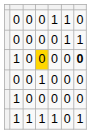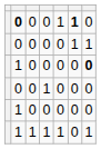 <table class="wikitable" style="text-align:center; width=200px; height=200px;">
 <tr>
 <th></th>
 <th></th>
 <th></th>
 <th></th>
 <th></th>
 <th></th>
 <th></th>
 </tr>
 <tr>
 <th></th>
-<td>0</td>
+<td><strong>0</strong></td>
 <td>0</td>
 <td>0</td>
 <td>1</td>
-<td>1</td>
+<td><strong>1</strong></td>
 <td>0</td>
 </tr>
 <tr>
 <th></th>
 <td>0</td>
 <td>0</td>
 <td>0</td>
 <td>0</td>
 <td>1</td>
 <td>1</td>
 </tr>
 <tr>
 <th></th>
 <td>1</td>
 <td>0</td>
-<td style="background: gold;">0</td>
+<td>0</td>
 <td>0</td>
 <td>0</td>
 <td><strong>0</strong></td>
 </tr>
 <tr>
 <th></th>
 <td>0</td>
 <td>0</td>
 <td>1</td>
 <td>0</td>
 <td>0</td>
 <td>0</td>
 </tr>
 <tr>
 <th></th>
 <td>1</td>
 <td>0</td>
 <td>0</td>
 <td>0</td>
 <td>0</td>
 <td>0</td>
 </tr>
 <tr>
 <th></th>
 <td>1</td>
 <td>1</td>
 <td>1</td>
 <td>1</td>
 <td>0</td>
 <td>1</td>
 </tr>
 </table>
